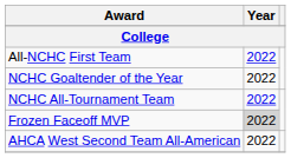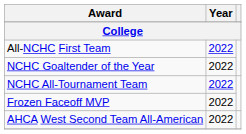 <table class="wikitable">
 <tr>
 <th>Award</th>
 <th>Year</th>
 <th></th>
 </tr>
 <tr ALIGN="center" bgcolor="#e0e0e0">
 </tr>
 <tr ALIGN="center" bgcolor="#e0e0e0">
 <th colspan="3"><a href='#'>College</a></th>
 </tr>
 <tr>
 <td>All-<a href='#'>NCHC</a> <a href='#'>First Team</a></td>
 <td><a href='#'>2022</a></td>
 <td rowspan="2"></td>
 </tr>
 <tr>
 <td><a href='#'>NCHC Goaltender of the Year</a></td>
 <td>2022</td>
 </tr>
 <tr>
 <td><a href='#'>NCHC All-Tournament Team</a></td>
 <td><a href='#'>2022</a></td>
 <td rowspan="2"></td>
 </tr>
 <tr>
 <td><a href='#'>Frozen Faceoff MVP</a></td>
-<td style="background: lightgrey;">2022</td>
+<td>2022</td>
 </tr>
 <tr>
 <td><a href='#'>AHCA</a> <a href='#'>West Second Team All-American</a></td>
 <td>2022</td>
 <td></td>
 </tr>
 <tr>
 </tr>
 </table>
